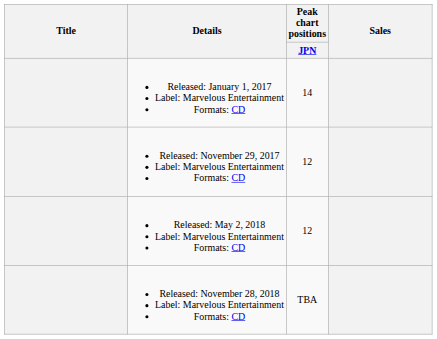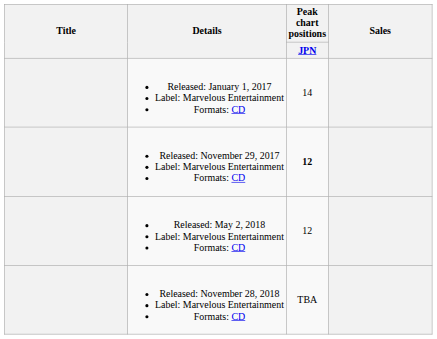 <table class="wikitable plainrowheaders" style="text-align:center;">
 <tr>
 <th rowspan="2" style="width:12em;">Title</th>
 <th rowspan="2">Details</th>
 <th colspan="1">Peak chart positions</th>
 <th rowspan="2" style="width:10em;">Sales</th>
 </tr>
 <tr>
 <th width="30"><a href='#'>JPN</a></th>
 </tr>
 <tr>
 <th scope="row"></th>
 <td><br><ul><li>Released: January 1, 2017</li><li>Label: Marvelous Entertainment</li><li>Formats: <a href='#'>CD</a></li></ul></td>
 <td>14</td>
 <th scope="row"></th>
 </tr>
 <tr>
 <th scope="row"></th>
 <td><br><ul><li>Released: November 29, 2017</li><li>Label: Marvelous Entertainment</li><li>Formats: <a href='#'>CD</a></li></ul></td>
-<td>12</td>
+<td><strong>12</strong></td>
 <th scope="row"></th>
 </tr>
 <tr>
 <th scope="row"></th>
 <td><br><ul><li>Released: May 2, 2018</li><li>Label: Marvelous Entertainment</li><li>Formats: <a href='#'>CD</a></li></ul></td>
 <td>12</td>
 <th scope="row"></th>
 </tr>
 <tr>
 <th scope="row"></th>
 <td><br><ul><li>Released: November 28, 2018</li><li>Label: Marvelous Entertainment</li><li>Formats: <a href='#'>CD</a></li></ul></td>
 <td>TBA</td>
 <th scope="row"></th>
 </tr>
 </table>
